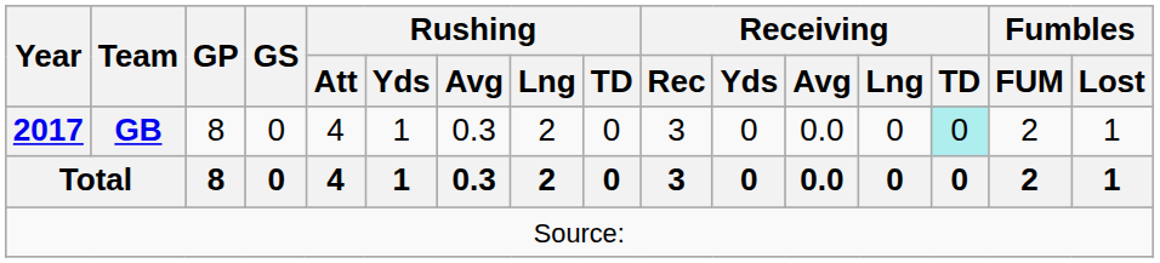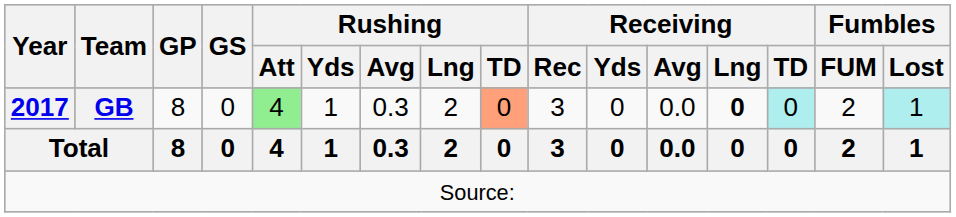 <table class="wikitable" style="text-align: center;">
 <tr>
 <th rowspan="2">Year</th>
 <th rowspan="2">Team</th>
 <th rowspan="2">GP</th>
 <th rowspan="2">GS</th>
 <th colspan="5">Rushing</th>
 <th colspan="5">Receiving</th>
 <th colspan="2">Fumbles</th>
 </tr>
 <tr>
 <th>Att</th>
 <th>Yds</th>
 <th>Avg</th>
 <th>Lng</th>
 <th>TD</th>
 <th>Rec</th>
 <th>Yds</th>
 <th>Avg</th>
 <th>Lng</th>
 <th>TD</th>
 <th>FUM</th>
 <th>Lost</th>
 </tr>
 <tr>
 <th><a href='#'>2017</a></th>
 <th><a href='#'>GB</a></th>
 <td>8</td>
 <td>0</td>
-<td>4</td>
+<td style="background: lightgreen;">4</td>
 <td>1</td>
 <td>0.3</td>
 <td>2</td>
-<td>0</td>
+<td style="background: lightsalmon;">0</td>
 <td>3</td>
 <td>0</td>
 <td>0.0</td>
-<td>0</td>
+<td><strong>0</strong></td>
 <td style="background: paleturquoise;">0</td>
 <td>2</td>
-<td>1</td>
+<td style="background: paleturquoise;">1</td>
 </tr>
 <tr>
 <th colspan="2">Total</th>
 <th>8</th>
 <th>0</th>
 <th>4</th>
 <th>1</th>
 <th>0.3</th>
 <th>2</th>
 <th>0</th>
 <th>3</th>
 <th>0</th>
 <th>0.0</th>
 <th>0</th>
 <th>0</th>
 <th>2</th>
 <th>1</th>
 </tr>
 <tr>
 <td colspan="16"><small>Source: </small></td>
 </tr>
 </table>
